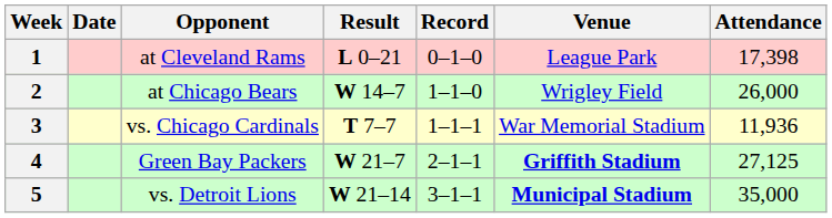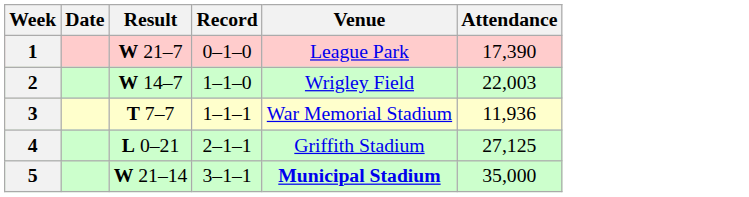 <table class="wikitable" style="text-align:center">
 <tr>
 <th>Week</th>
 <th>Date</th>
-<th>Opponent</th>
 <th>Result</th>
 <th>Record</th>
 <th>Venue</th>
 <th>Attendance</th>
 </tr>
 <tr style="background:#fcc;">
 <th>1</th>
 <td></td>
-<td>at <a href='#'>Cleveland Rams</a></td>
-<td><strong>L</strong> 0–21</td>
+<td><strong>W</strong> 21–7</td>
 <td>0–1–0</td>
 <td><a href='#'>League Park</a></td>
-<td>17,398</td>
+<td>17,390</td>
 </tr>
 <tr style="background:#cfc;">
 <th>2</th>
 <td></td>
-<td>at <a href='#'>Chicago Bears</a></td>
 <td><strong>W</strong> 14–7</td>
 <td>1–1–0</td>
 <td><a href='#'>Wrigley Field</a></td>
-<td>26,000</td>
+<td>22,003</td>
 </tr>
 <tr style="background:#ffc;">
 <th>3</th>
 <td></td>
-<td>vs. <a href='#'>Chicago Cardinals</a></td>
 <td><strong>T</strong> 7–7</td>
 <td>1–1–1</td>
 <td><a href='#'>War Memorial Stadium</a> </td>
 <td>11,936</td>
 </tr>
 <tr style="background:#cfc;">
 <th>4</th>
 <td></td>
-<td><a href='#'>Green Bay Packers</a></td>
-<td><strong>W</strong> 21–7</td>
+<td><strong>L</strong> 0–21</td>
 <td>2–1–1</td>
-<td><strong><a href='#'>Griffith Stadium</a></strong></td>
+<td><a href='#'>Griffith Stadium</a></td>
 <td>27,125</td>
 </tr>
 <tr style="background:#cfc;">
 <th>5</th>
 <td></td>
-<td>vs. <a href='#'>Detroit Lions</a></td>
 <td><strong>W</strong> 21–14</td>
 <td>3–1–1</td>
 <td><strong><a href='#'>Municipal Stadium</a> </strong></td>
 <td>35,000</td>
 </tr>
 </table>
